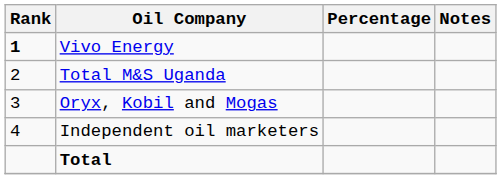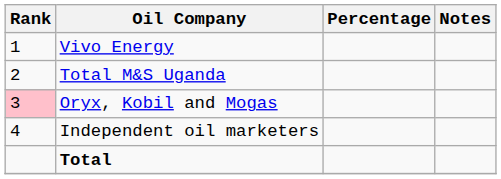 <table class="wikitable sortable" style="margin: 0.5em auto">
 <tr>
 <th>Rank</th>
 <th>Oil Company</th>
 <th>Percentage</th>
 <th>Notes</th>
 </tr>
 <tr>
-<td><strong>1</strong></td>
+<td>1</td>
 <td><a href='#'>Vivo Energy</a></td>
 <td></td>
 <td></td>
 </tr>
 <tr>
 <td>2</td>
 <td><a href='#'>Total M&S Uganda</a></td>
 <td></td>
 <td></td>
 </tr>
 <tr>
-<td>3</td>
+<td style="background: pink;">3</td>
 <td><a href='#'>Oryx</a>, <a href='#'>Kobil</a> and <a href='#'>Mogas</a></td>
 <td></td>
 <td></td>
 </tr>
 <tr>
 <td>4</td>
 <td>Independent oil marketers</td>
 <td></td>
 <td></td>
 </tr>
 <tr>
 <td></td>
 <td><strong>Total</strong></td>
 <td></td>
 <td></td>
 </tr>
 <tr>
 </tr>
 </table>
